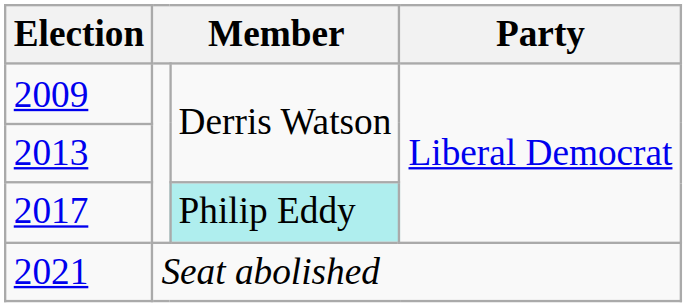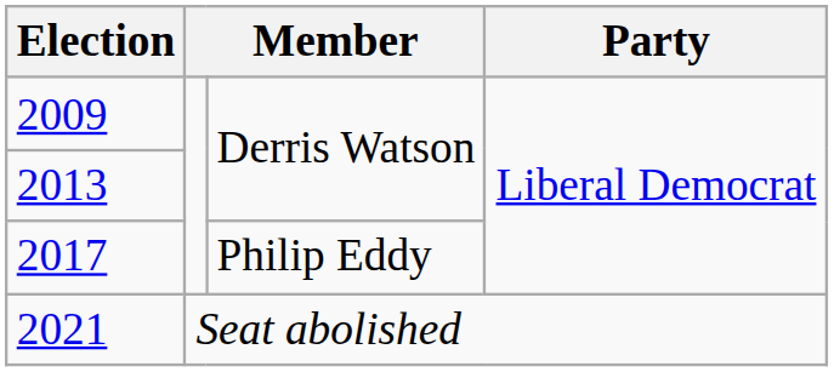 <table class="wikitable">
 <tr>
 <th>Election</th>
 <th colspan="2">Member</th>
 <th>Party</th>
 </tr>
 <tr>
 <td><a href='#'>2009</a></td>
 <td rowspan="3" style="background-color: "></td>
 <td rowspan="2">Derris Watson</td>
 <td rowspan="3"><a href='#'>Liberal Democrat</a></td>
 </tr>
 <tr>
 <td><a href='#'>2013</a></td>
 </tr>
 <tr>
 <td><a href='#'>2017</a></td>
-<td rowspan="1" style="background: paleturquoise;">Philip Eddy</td>
+<td rowspan="1">Philip Eddy</td>
 </tr>
 <tr>
 <td><a href='#'>2021</a></td>
 <td colspan="3"><em>Seat abolished</em></td>
 </tr>
 </table>
